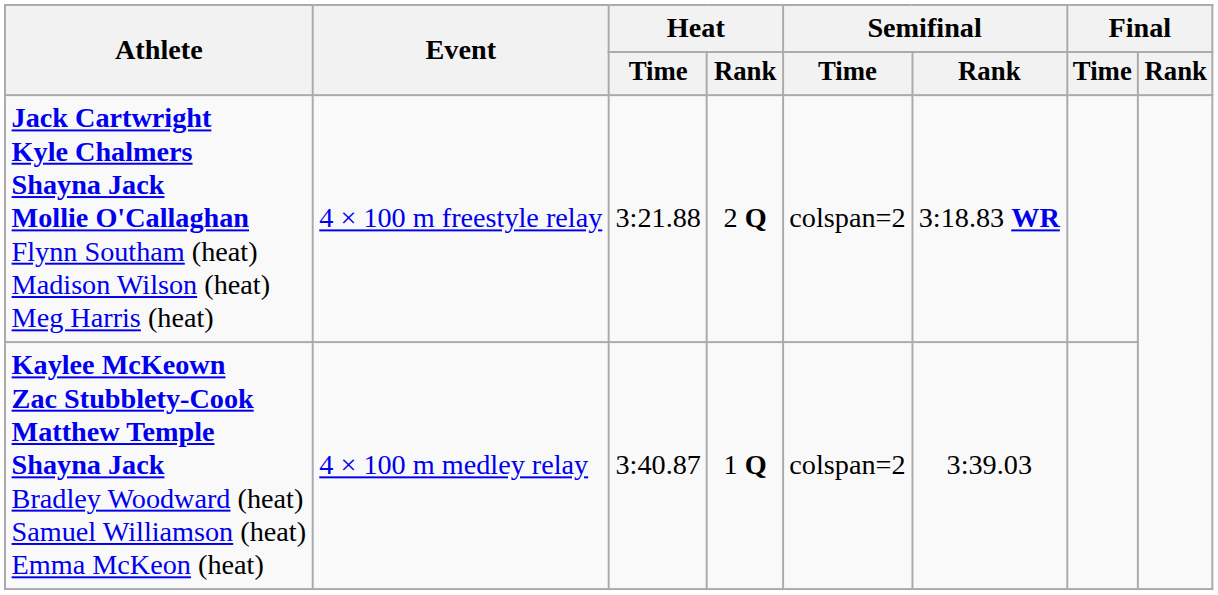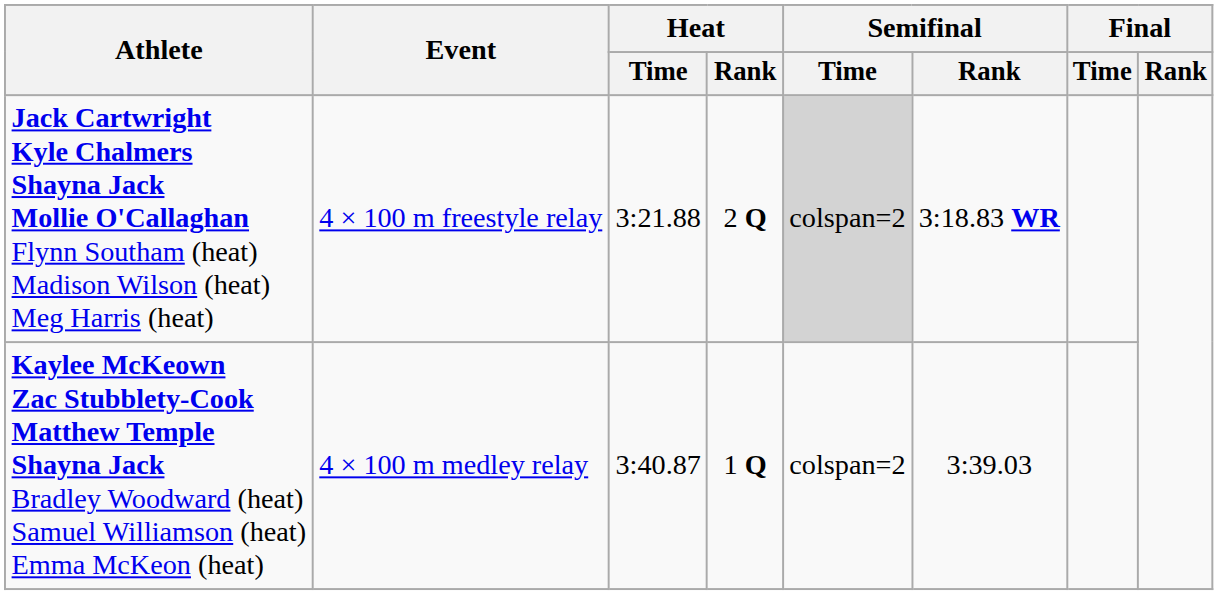 <table class="wikitable" style="text-align:center; font-size:90%">
 <tr>
 <th rowspan="2">Athlete</th>
 <th rowspan="2">Event</th>
 <th colspan="2">Heat</th>
 <th colspan="2">Semifinal</th>
 <th colspan="2">Final</th>
 </tr>
 <tr style="font-size:95%">
 <th>Time</th>
 <th>Rank</th>
 <th>Time</th>
 <th>Rank</th>
 <th>Time</th>
 <th>Rank</th>
 </tr>
 <tr>
 <td align=left><strong><a href='#'>Jack Cartwright</a></strong> <br> <strong><a href='#'>Kyle Chalmers</a></strong> <br> <strong><a href='#'>Shayna Jack</a></strong> <br> <strong><a href='#'>Mollie O'Callaghan</a></strong> <br> <a href='#'>Flynn Southam</a> (heat) <br> <a href='#'>Madison Wilson</a> (heat) <br> <a href='#'>Meg Harris</a> (heat)</td>
 <td align=left><a href='#'>4 × 100 m freestyle relay</a></td>
 <td>3:21.88</td>
 <td>2 <strong>Q</strong></td>
-<td>colspan=2 </td>
+<td style="background: lightgrey;">colspan=2 </td>
 <td>3:18.83 <a href='#'><strong>WR</strong></a></td>
 <td></td>
 </tr>
 <tr>
 <td align=left><strong><a href='#'>Kaylee McKeown</a></strong> <br> <strong><a href='#'>Zac Stubblety-Cook</a></strong> <br> <strong><a href='#'>Matthew Temple</a></strong> <br> <strong><a href='#'>Shayna Jack</a></strong> <br> <a href='#'>Bradley Woodward</a> (heat) <br> <a href='#'>Samuel Williamson</a> (heat) <br> <a href='#'>Emma McKeon</a> (heat)</td>
 <td align=left><a href='#'>4 × 100 m medley relay</a></td>
 <td>3:40.87</td>
 <td>1 <strong>Q</strong></td>
 <td>colspan=2 </td>
 <td>3:39.03</td>
 <td></td>
 </tr>
 </table>
